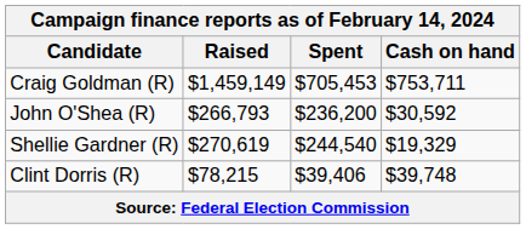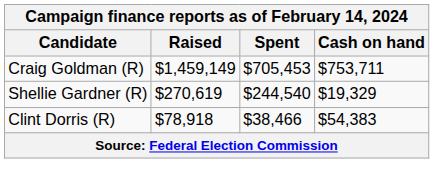 <table class="wikitable sortable">
 <tr>
 <th colspan=4>Campaign finance reports as of February 14, 2024</th>
 </tr>
 <tr style="text-align:center;">
 <th>Candidate</th>
 <th>Raised</th>
 <th>Spent</th>
 <th>Cash on hand</th>
 </tr>
 <tr>
 <td style="background-color:">Craig Goldman (R)</td>
 <td>$1,459,149</td>
 <td>$705,453</td>
 <td>$753,711</td>
 </tr>
 <tr>
-<td style="background-color:">John O'Shea (R)</td>
-<td>$266,793</td>
-<td>$236,200</td>
-<td>$30,592</td>
-</tr>
-<tr>
 <td style="background-color:">Shellie Gardner (R)</td>
 <td>$270,619</td>
 <td>$244,540</td>
 <td>$19,329</td>
 </tr>
 <tr>
 <td style="background-color:">Clint Dorris (R)</td>
-<td>$78,215</td>
-<td>$39,406</td>
-<td>$39,748</td>
+<td>$78,918</td>
+<td>$38,466</td>
+<td>$54,383</td>
 </tr>
 <tr>
 <th colspan="4"><small>Source: <a href='#'>Federal Election Commission</a></small></th>
 </tr>
 </table>
